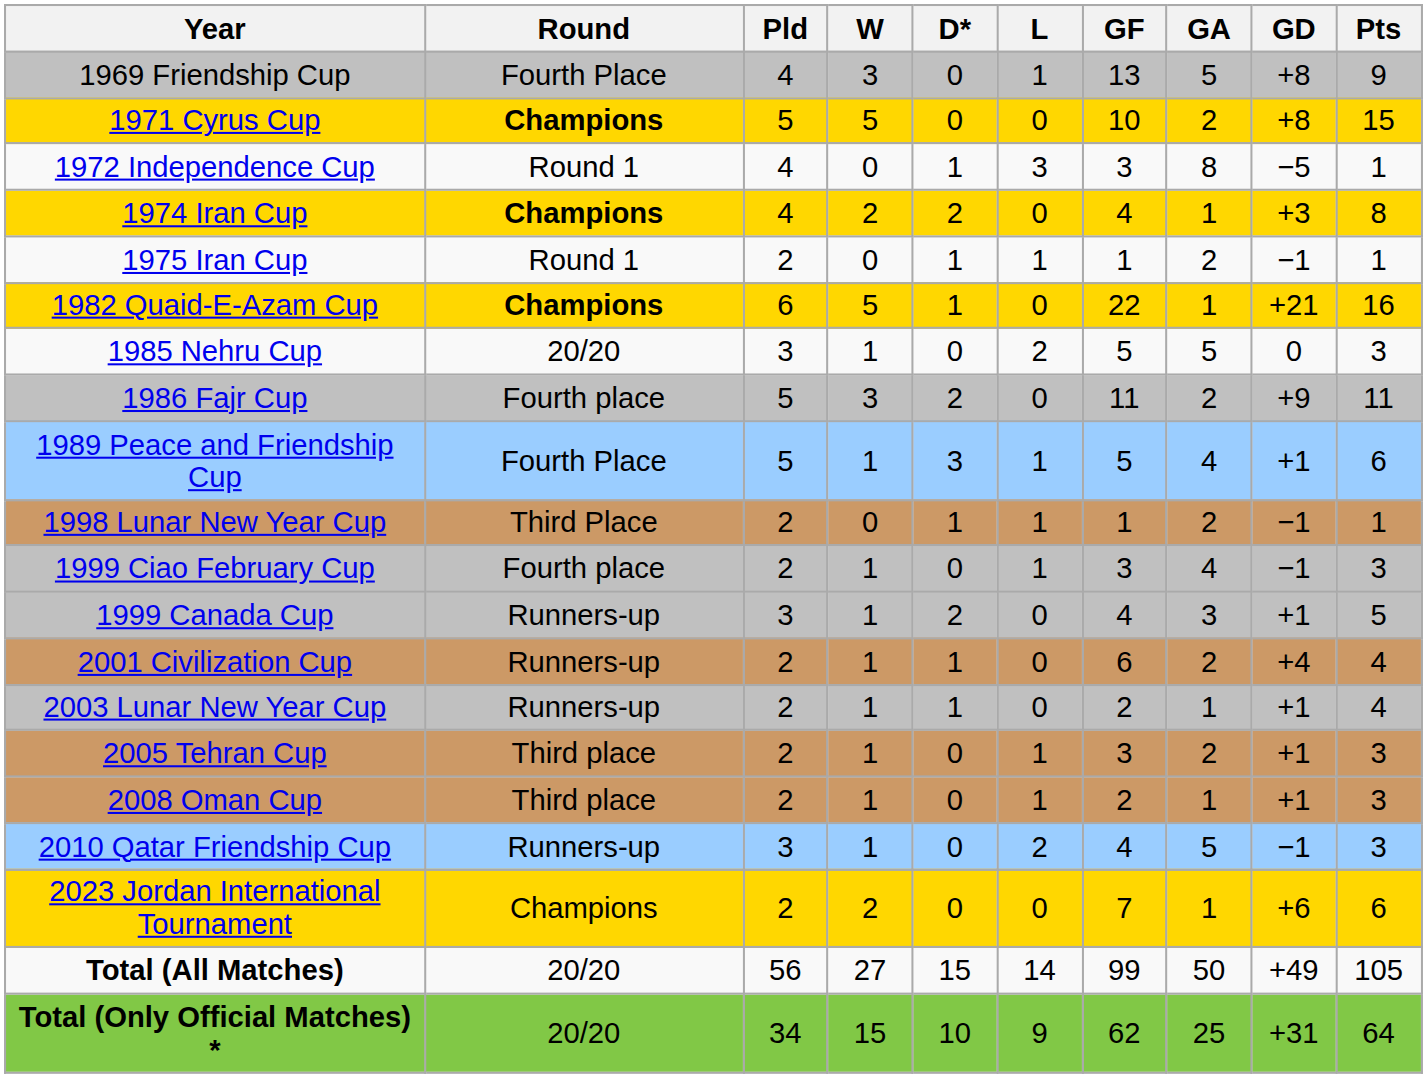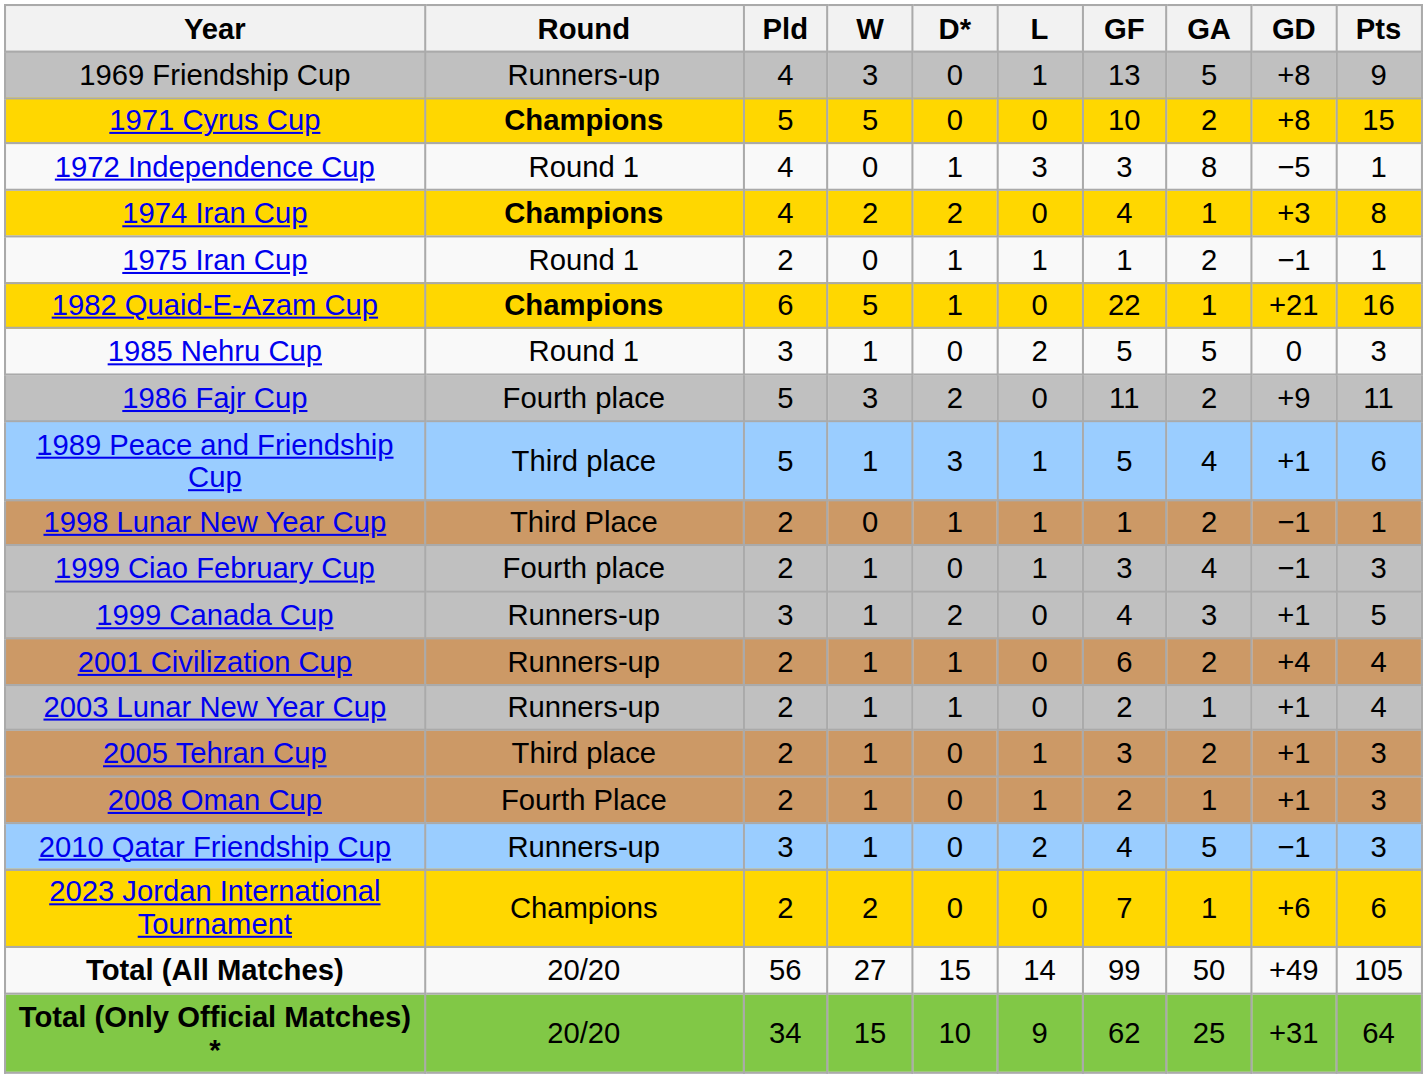 <table class="wikitable" style="text-align: center;font-size:90%;">
 <tr>
 <th width=200>Year</th>
 <th width=150>Round</th>
 <th width=35>Pld</th>
 <th width=35>W</th>
 <th width=35>D*</th>
 <th width=35>L</th>
 <th width=35>GF</th>
 <th width=35>GA</th>
 <th width=35>GD</th>
 <th width=35>Pts</th>
 </tr>
 <tr bgcolor=silver>
 <td> 1969 Friendship Cup</td>
-<td>Fourth Place</td>
+<td>Runners-up</td>
 <td>4</td>
 <td>3</td>
 <td>0</td>
 <td>1</td>
 <td>13</td>
 <td>5</td>
 <td>+8</td>
 <td>9</td>
 </tr>
 <tr bgcolor=gold>
 <td> <a href='#'>1971 Cyrus Cup</a></td>
 <td><strong>Champions</strong></td>
 <td>5</td>
 <td>5</td>
 <td>0</td>
 <td>0</td>
 <td>10</td>
 <td>2</td>
 <td>+8</td>
 <td>15</td>
 </tr>
 <tr>
 <td> <a href='#'>1972 Independence Cup</a></td>
 <td>Round 1</td>
 <td>4</td>
 <td>0</td>
 <td>1</td>
 <td>3</td>
 <td>3</td>
 <td>8</td>
 <td>−5</td>
 <td>1</td>
 </tr>
 <tr bgcolor=gold>
 <td> <a href='#'>1974 Iran Cup</a></td>
 <td><strong>Champions</strong></td>
 <td>4</td>
 <td>2</td>
 <td>2</td>
 <td>0</td>
 <td>4</td>
 <td>1</td>
 <td>+3</td>
 <td>8</td>
 </tr>
 <tr>
 <td> <a href='#'>1975 Iran Cup</a></td>
 <td>Round 1</td>
 <td>2</td>
 <td>0</td>
 <td>1</td>
 <td>1</td>
 <td>1</td>
 <td>2</td>
 <td>−1</td>
 <td>1</td>
 </tr>
 <tr bgcolor=gold>
 <td> <a href='#'>1982 Quaid-E-Azam Cup</a></td>
 <td><strong>Champions</strong></td>
 <td>6</td>
 <td>5</td>
 <td>1</td>
 <td>0</td>
 <td>22</td>
 <td>1</td>
 <td>+21</td>
 <td>16</td>
 </tr>
 <tr>
 <td> <a href='#'>1985 Nehru Cup</a></td>
-<td>20/20</td>
+<td>Round 1</td>
 <td>3</td>
 <td>1</td>
 <td>0</td>
 <td>2</td>
 <td>5</td>
 <td>5</td>
 <td>0</td>
 <td>3</td>
 </tr>
 <tr bgcolor=silver>
 <td> <a href='#'>1986 Fajr Cup</a></td>
 <td>Fourth place</td>
 <td>5</td>
 <td>3</td>
 <td>2</td>
 <td>0</td>
 <td>11</td>
 <td>2</td>
 <td>+9</td>
 <td>11</td>
 </tr>
 <tr bgcolor="#9acdff">
 <td> <a href='#'>1989 Peace and Friendship Cup</a></td>
-<td>Fourth Place</td>
+<td>Third place</td>
 <td>5</td>
 <td>1</td>
 <td>3</td>
 <td>1</td>
 <td>5</td>
 <td>4</td>
 <td>+1</td>
 <td>6</td>
 </tr>
 <tr bgcolor="#cc9966">
 <td> <a href='#'>1998 Lunar New Year Cup</a></td>
 <td>Third Place</td>
 <td>2</td>
 <td>0</td>
 <td>1</td>
 <td>1</td>
 <td>1</td>
 <td>2</td>
 <td>−1</td>
 <td>1</td>
 </tr>
 <tr bgcolor=silver>
 <td> <a href='#'>1999 Ciao February Cup</a></td>
 <td>Fourth place</td>
 <td>2</td>
 <td>1</td>
 <td>0</td>
 <td>1</td>
 <td>3</td>
 <td>4</td>
 <td>−1</td>
 <td>3</td>
 </tr>
 <tr bgcolor=silver>
 <td> <a href='#'>1999 Canada Cup</a></td>
 <td>Runners-up</td>
 <td>3</td>
 <td>1</td>
 <td>2</td>
 <td>0</td>
 <td>4</td>
 <td>3</td>
 <td>+1</td>
 <td>5</td>
 </tr>
 <tr bgcolor="#cc9966">
 <td> <a href='#'>2001 Civilization Cup</a></td>
 <td>Runners-up</td>
 <td>2</td>
 <td>1</td>
 <td>1</td>
 <td>0</td>
 <td>6</td>
 <td>2</td>
 <td>+4</td>
 <td>4</td>
 </tr>
 <tr bgcolor=silver>
 <td> <a href='#'>2003 Lunar New Year Cup</a></td>
 <td>Runners-up</td>
 <td>2</td>
 <td>1</td>
 <td>1</td>
 <td>0</td>
 <td>2</td>
 <td>1</td>
 <td>+1</td>
 <td>4</td>
 </tr>
 <tr bgcolor="#cc9966">
 <td> <a href='#'>2005 Tehran Cup</a></td>
 <td>Third place</td>
 <td>2</td>
 <td>1</td>
 <td>0</td>
 <td>1</td>
 <td>3</td>
 <td>2</td>
 <td>+1</td>
 <td>3</td>
 </tr>
 <tr bgcolor="#cc9966">
 <td> <a href='#'>2008 Oman Cup</a></td>
-<td>Third place</td>
+<td>Fourth Place</td>
 <td>2</td>
 <td>1</td>
 <td>0</td>
 <td>1</td>
 <td>2</td>
 <td>1</td>
 <td>+1</td>
 <td>3</td>
 </tr>
 <tr bgcolor="#9acdff">
 <td> <a href='#'>2010 Qatar Friendship Cup</a></td>
 <td>Runners-up</td>
 <td>3</td>
 <td>1</td>
 <td>0</td>
 <td>2</td>
 <td>4</td>
 <td>5</td>
 <td>−1</td>
 <td>3</td>
 </tr>
 <tr bgcolor="#cfc">
 </tr>
 <tr>
 </tr>
 <tr bgcolor=gold>
 <td> <a href='#'>2023 Jordan International Tournament</a></td>
 <td>Champions</td>
 <td>2</td>
 <td>2</td>
 <td>0</td>
 <td>0</td>
 <td>7</td>
 <td>1</td>
 <td 1>+6</td>
 <td>6</td>
 </tr>
 <tr>
 <td><strong>Total (All Matches)</strong></td>
 <td>20/20</td>
 <td>56</td>
 <td>27</td>
 <td>15</td>
 <td>14</td>
 <td>99</td>
 <td>50</td>
 <td>+49</td>
 <td>105</td>
 </tr>
 <tr bgcolor=#81c846>
 <td><strong>Total (Only Official Matches) *</strong></td>
 <td>20/20</td>
 <td>34</td>
 <td>15</td>
 <td>10</td>
 <td>9</td>
 <td>62</td>
 <td>25</td>
 <td>+31</td>
 <td>64</td>
 </tr>
 </table>
